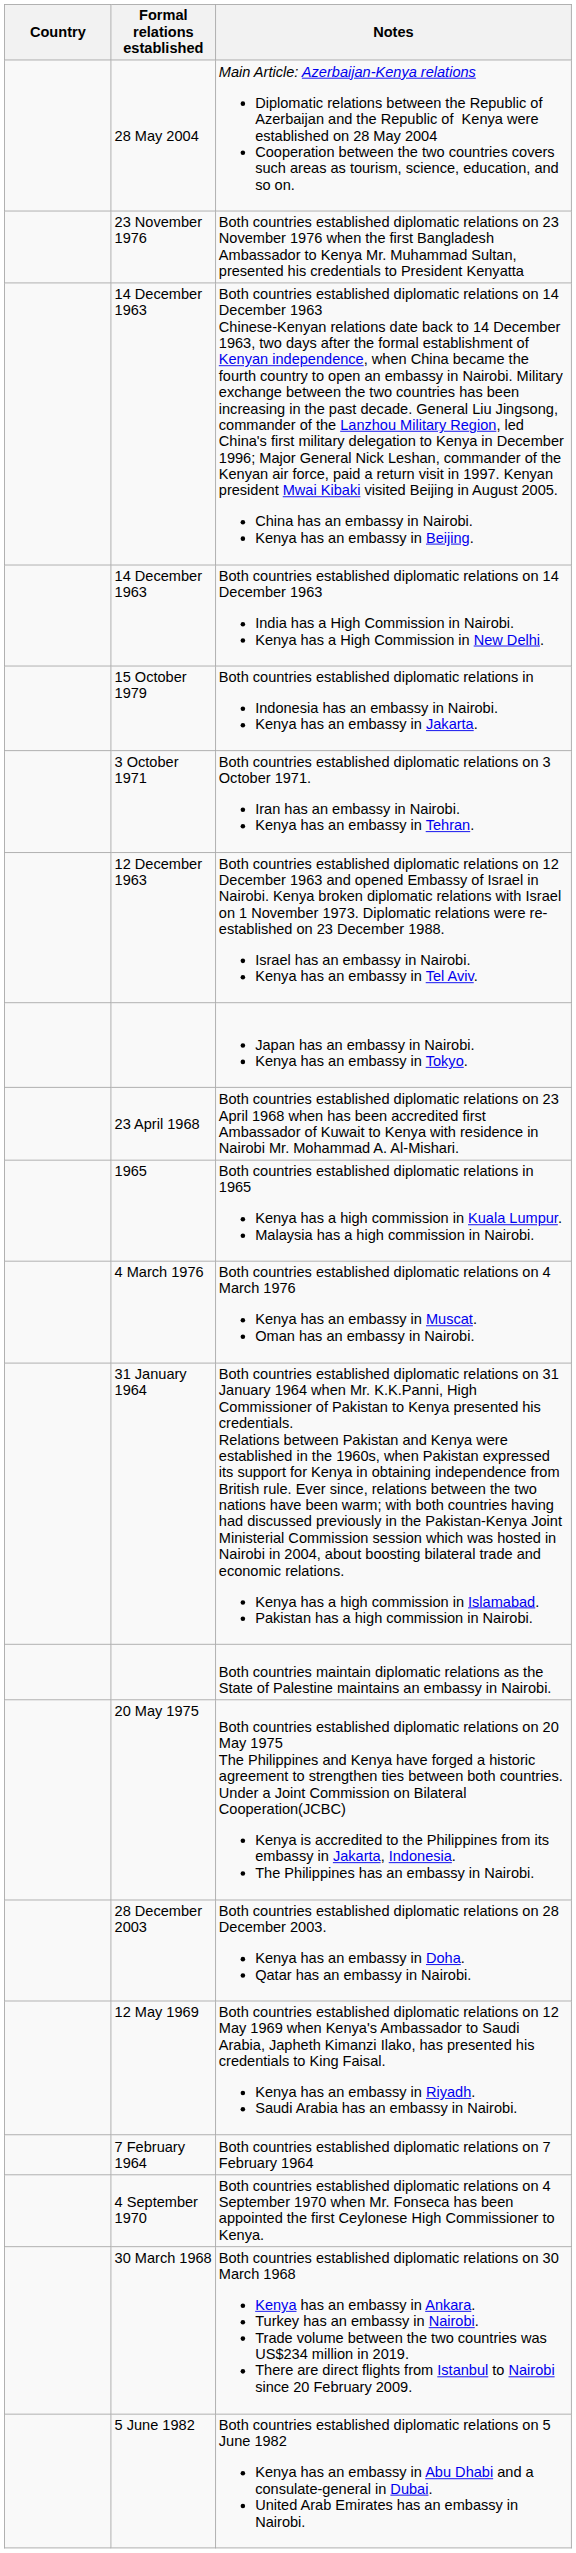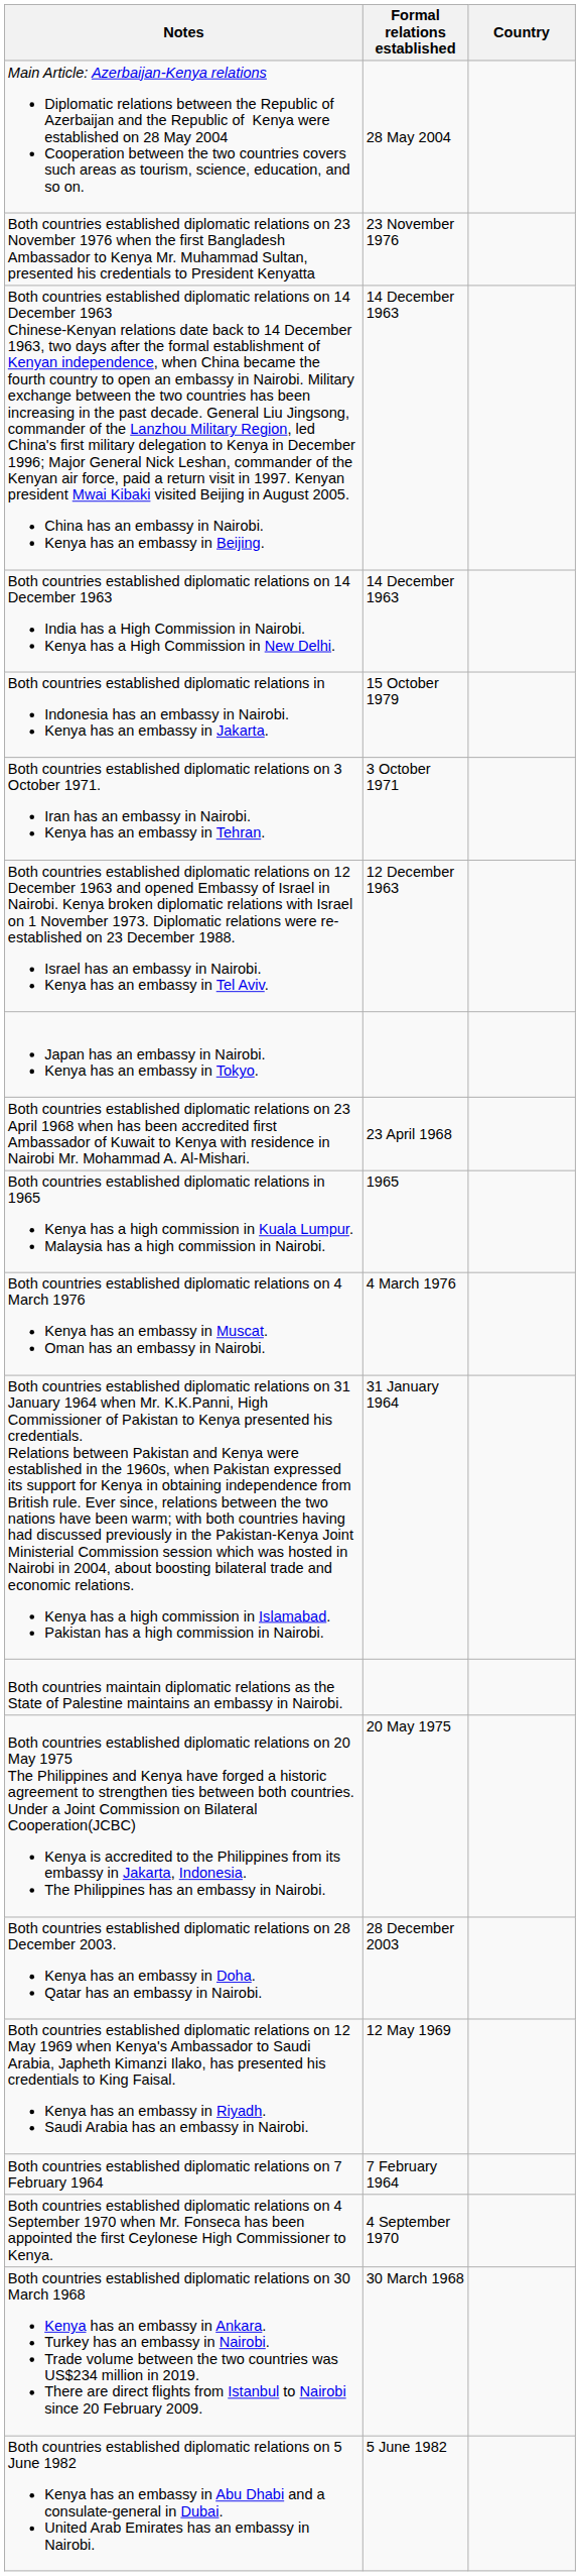 <table class="wikitable sortable" style="width:100%; margin:auto;">
 <tr>
+<th style="width:50%;">Notes</th>
+<th style="width:12%;">Formal relations established</th>
 <th style="width:15%;">Country</th>
-<th style="width:12%;">Formal relations established</th>
-<th style="width:50%;">Notes</th>
 </tr>
 <tr>
+<td><em>Main Article: <a href='#'>Azerbaijan-Kenya relations</a></em><br><ul><li>Diplomatic relations between the Republic of Azerbaijan and the Republic of  Kenya were established on 28 May 2004</li><li>Cooperation between the two countries covers such areas as tourism, science, education, and so on.</li></ul></td>
+<td>28 May 2004</td>
 <td></td>
-<td>28 May 2004</td>
-<td><em>Main Article: <a href='#'>Azerbaijan-Kenya relations</a></em><br><ul><li>Diplomatic relations between the Republic of Azerbaijan and the Republic of  Kenya were established on 28 May 2004</li><li>Cooperation between the two countries covers such areas as tourism, science, education, and so on.</li></ul></td>
 </tr>
 <tr valign="top">
+<td>Both countries established diplomatic relations on 23 November 1976 when the first Bangladesh Ambassador to Kenya Mr. Muhammad Sultan, presented his credentials to President Kenyatta</td>
+<td>23 November 1976</td>
 <td></td>
-<td>23 November 1976</td>
-<td>Both countries established diplomatic relations on 23 November 1976 when the first Bangladesh Ambassador to Kenya Mr. Muhammad Sultan, presented his credentials to President Kenyatta</td>
 </tr>
 <tr valign="top">
+<td>Both countries established diplomatic relations on 14 December 1963<br>Chinese-Kenyan relations date back to 14 December 1963, two days after the formal establishment of <a href='#'>Kenyan independence</a>, when China became the fourth country to open an embassy in Nairobi. Military exchange between the two countries has been increasing in the past decade. General Liu Jingsong, commander of the <a href='#'>Lanzhou Military Region</a>, led China's first military delegation to Kenya in December 1996; Major General Nick Leshan, commander of the Kenyan air force, paid a return visit in 1997. Kenyan president <a href='#'>Mwai Kibaki</a> visited Beijing in August 2005.<ul><li>China has an embassy in Nairobi.</li><li>Kenya has an embassy in <a href='#'>Beijing</a>.</li></ul></td>
+<td>14 December 1963</td>
 <td></td>
-<td>14 December 1963</td>
-<td>Both countries established diplomatic relations on 14 December 1963<br>Chinese-Kenyan relations date back to 14 December 1963, two days after the formal establishment of <a href='#'>Kenyan independence</a>, when China became the fourth country to open an embassy in Nairobi. Military exchange between the two countries has been increasing in the past decade. General Liu Jingsong, commander of the <a href='#'>Lanzhou Military Region</a>, led China's first military delegation to Kenya in December 1996; Major General Nick Leshan, commander of the Kenyan air force, paid a return visit in 1997. Kenyan president <a href='#'>Mwai Kibaki</a> visited Beijing in August 2005.<ul><li>China has an embassy in Nairobi.</li><li>Kenya has an embassy in <a href='#'>Beijing</a>.</li></ul></td>
 </tr>
 <tr valign="top">
+<td>Both countries established diplomatic relations on 14 December 1963<br><ul><li>India has a High Commission in Nairobi.</li><li>Kenya has a High Commission in <a href='#'>New Delhi</a>.</li></ul></td>
+<td>14 December 1963</td>
 <td></td>
-<td>14 December 1963</td>
-<td>Both countries established diplomatic relations on 14 December 1963<br><ul><li>India has a High Commission in Nairobi.</li><li>Kenya has a High Commission in <a href='#'>New Delhi</a>.</li></ul></td>
 </tr>
 <tr valign="top">
+<td>Both countries established diplomatic relations in <br><ul><li>Indonesia has an embassy in Nairobi.</li><li>Kenya has an embassy in <a href='#'>Jakarta</a>.</li></ul></td>
+<td>15 October 1979</td>
 <td></td>
-<td>15 October 1979</td>
-<td>Both countries established diplomatic relations in <br><ul><li>Indonesia has an embassy in Nairobi.</li><li>Kenya has an embassy in <a href='#'>Jakarta</a>.</li></ul></td>
 </tr>
 <tr valign="top">
+<td>Both countries established diplomatic relations on 3 October 1971.<br><ul><li>Iran has an embassy in Nairobi.</li><li>Kenya has an embassy in <a href='#'>Tehran</a>.</li></ul></td>
+<td>3 October 1971</td>
 <td></td>
-<td>3 October 1971</td>
-<td>Both countries established diplomatic relations on 3 October 1971.<br><ul><li>Iran has an embassy in Nairobi.</li><li>Kenya has an embassy in <a href='#'>Tehran</a>.</li></ul></td>
 </tr>
 <tr valign="top">
+<td>Both countries established diplomatic relations on 12 December 1963 and opened Embassy of Israel in Nairobi. Kenya broken diplomatic relations with Israel on 1 November 1973. Diplomatic relations were re-established on 23 December 1988.<br><ul><li>Israel has an embassy in Nairobi.</li><li>Kenya has an embassy in <a href='#'>Tel Aviv</a>.</li></ul></td>
+<td>12 December 1963</td>
 <td></td>
-<td>12 December 1963</td>
-<td>Both countries established diplomatic relations on 12 December 1963 and opened Embassy of Israel in Nairobi. Kenya broken diplomatic relations with Israel on 1 November 1973. Diplomatic relations were re-established on 23 December 1988.<br><ul><li>Israel has an embassy in Nairobi.</li><li>Kenya has an embassy in <a href='#'>Tel Aviv</a>.</li></ul></td>
 </tr>
 <tr valign="top">
+<td><br><ul><li>Japan has an embassy in Nairobi.</li><li>Kenya has an embassy in <a href='#'>Tokyo</a>.</li></ul></td>
 <td></td>
 <td></td>
-<td><br><ul><li>Japan has an embassy in Nairobi.</li><li>Kenya has an embassy in <a href='#'>Tokyo</a>.</li></ul></td>
 </tr>
 <tr>
+<td>Both countries established diplomatic relations on 23 April 1968 when has been accredited first Ambassador of Kuwait to Kenya with residence in Nairobi Mr. Mohammad A. Al-Mishari.</td>
+<td>23 April 1968</td>
 <td></td>
-<td>23 April 1968</td>
-<td>Both countries established diplomatic relations on 23 April 1968 when has been accredited first Ambassador of Kuwait to Kenya with residence in Nairobi Mr. Mohammad A. Al-Mishari.</td>
 </tr>
 <tr valign="top">
+<td>Both countries established diplomatic relations in 1965<br><ul><li>Kenya has a high commission in <a href='#'>Kuala Lumpur</a>.</li><li>Malaysia has a high commission in Nairobi.</li></ul></td>
+<td>1965</td>
 <td></td>
-<td>1965</td>
-<td>Both countries established diplomatic relations in 1965<br><ul><li>Kenya has a high commission in <a href='#'>Kuala Lumpur</a>.</li><li>Malaysia has a high commission in Nairobi.</li></ul></td>
 </tr>
 <tr valign="top">
+<td>Both countries established diplomatic relations on 4 March 1976<br><ul><li>Kenya has an embassy in <a href='#'>Muscat</a>.</li><li>Oman has an embassy in Nairobi.</li></ul></td>
+<td>4 March 1976</td>
 <td></td>
-<td>4 March 1976</td>
-<td>Both countries established diplomatic relations on 4 March 1976<br><ul><li>Kenya has an embassy in <a href='#'>Muscat</a>.</li><li>Oman has an embassy in Nairobi.</li></ul></td>
 </tr>
 <tr valign="top">
+<td>Both countries established diplomatic relations on 31 January 1964 when Mr. K.K.Panni, High Commissioner of Pakistan to Kenya presented his credentials.<br>Relations between Pakistan and Kenya were established in the 1960s, when Pakistan expressed its support for Kenya in obtaining independence from British rule. Ever since, relations between the two nations have been warm; with both countries having had discussed previously in the Pakistan-Kenya Joint Ministerial Commission session which was hosted in Nairobi in 2004, about boosting bilateral trade and economic relations.<ul><li>Kenya has a high commission in <a href='#'>Islamabad</a>.</li><li>Pakistan has a high commission in Nairobi.</li></ul></td>
+<td>31 January 1964</td>
 <td></td>
-<td>31 January 1964</td>
-<td>Both countries established diplomatic relations on 31 January 1964 when Mr. K.K.Panni, High Commissioner of Pakistan to Kenya presented his credentials.<br>Relations between Pakistan and Kenya were established in the 1960s, when Pakistan expressed its support for Kenya in obtaining independence from British rule. Ever since, relations between the two nations have been warm; with both countries having had discussed previously in the Pakistan-Kenya Joint Ministerial Commission session which was hosted in Nairobi in 2004, about boosting bilateral trade and economic relations.<ul><li>Kenya has a high commission in <a href='#'>Islamabad</a>.</li><li>Pakistan has a high commission in Nairobi.</li></ul></td>
 </tr>
 <tr valign="top">
+<td><br>Both countries maintain diplomatic relations as the State of Palestine maintains an embassy in Nairobi.</td>
 <td></td>
 <td></td>
-<td><br>Both countries maintain diplomatic relations as the State of Palestine maintains an embassy in Nairobi.</td>
 </tr>
 <tr valign="top">
+<td><br>Both countries established diplomatic relations on 20 May 1975<br>The Philippines and Kenya have forged a historic agreement to strengthen ties between both countries. Under a Joint Commission on Bilateral Cooperation(JCBC)<ul><li>Kenya is accredited to the Philippines from its embassy in <a href='#'>Jakarta</a>, <a href='#'>Indonesia</a>.</li><li>The Philippines has an embassy in Nairobi.</li></ul></td>
+<td>20 May 1975</td>
 <td></td>
-<td>20 May 1975</td>
-<td><br>Both countries established diplomatic relations on 20 May 1975<br>The Philippines and Kenya have forged a historic agreement to strengthen ties between both countries. Under a Joint Commission on Bilateral Cooperation(JCBC)<ul><li>Kenya is accredited to the Philippines from its embassy in <a href='#'>Jakarta</a>, <a href='#'>Indonesia</a>.</li><li>The Philippines has an embassy in Nairobi.</li></ul></td>
 </tr>
 <tr valign="top">
+<td>Both countries established diplomatic relations on 28 December 2003.<br><ul><li>Kenya has an embassy in <a href='#'>Doha</a>.</li><li>Qatar has an embassy in Nairobi.</li></ul></td>
+<td>28 December 2003</td>
 <td></td>
-<td>28 December 2003</td>
-<td>Both countries established diplomatic relations on 28 December 2003.<br><ul><li>Kenya has an embassy in <a href='#'>Doha</a>.</li><li>Qatar has an embassy in Nairobi.</li></ul></td>
 </tr>
 <tr valign="top">
+<td>Both countries established diplomatic relations on 12 May 1969 when Kenya's Ambassador to Saudi Arabia, Japheth Kimanzi Ilako, has presented his credentials to King Faisal.<br><ul><li>Kenya has an embassy in <a href='#'>Riyadh</a>.</li><li>Saudi Arabia has an embassy in Nairobi.</li></ul></td>
+<td>12 May 1969</td>
 <td></td>
-<td>12 May 1969</td>
-<td>Both countries established diplomatic relations on 12 May 1969 when Kenya's Ambassador to Saudi Arabia, Japheth Kimanzi Ilako, has presented his credentials to King Faisal.<br><ul><li>Kenya has an embassy in <a href='#'>Riyadh</a>.</li><li>Saudi Arabia has an embassy in Nairobi.</li></ul></td>
 </tr>
 <tr valign="top">
+<td>Both countries established diplomatic relations on 7 February 1964</td>
+<td>7 February 1964</td>
 <td></td>
-<td>7 February 1964</td>
-<td>Both countries established diplomatic relations on 7 February 1964</td>
 </tr>
 <tr>
+<td>Both countries established diplomatic relations on 4 September 1970 when Mr. Fonseca has been appointed the first Ceylonese High Commissioner to Kenya.</td>
+<td>4 September 1970</td>
 <td></td>
-<td>4 September 1970</td>
-<td>Both countries established diplomatic relations on 4 September 1970 when Mr. Fonseca has been appointed the first Ceylonese High Commissioner to Kenya.</td>
 </tr>
 <tr valign="top">
+<td>Both countries established diplomatic relations on 30 March 1968<br><ul><li><a href='#'>Kenya</a> has an embassy in <a href='#'>Ankara</a>.</li><li>Turkey has an embassy in <a href='#'>Nairobi</a>.</li><li>Trade volume between the two countries was US$234 million in 2019.</li><li>There are direct flights from <a href='#'>Istanbul</a> to <a href='#'>Nairobi</a> since 20 February 2009.</li></ul></td>
+<td>30 March 1968</td>
 <td></td>
-<td>30 March 1968</td>
-<td>Both countries established diplomatic relations on 30 March 1968<br><ul><li><a href='#'>Kenya</a> has an embassy in <a href='#'>Ankara</a>.</li><li>Turkey has an embassy in <a href='#'>Nairobi</a>.</li><li>Trade volume between the two countries was US$234 million in 2019.</li><li>There are direct flights from <a href='#'>Istanbul</a> to <a href='#'>Nairobi</a> since 20 February 2009.</li></ul></td>
 </tr>
 <tr valign="top">
+<td>Both countries established diplomatic relations on 5 June 1982<br><ul><li>Kenya has an embassy in <a href='#'>Abu Dhabi</a> and a consulate-general in <a href='#'>Dubai</a>.</li><li>United Arab Emirates has an embassy in Nairobi.</li></ul></td>
+<td>5 June 1982</td>
 <td></td>
-<td>5 June 1982</td>
-<td>Both countries established diplomatic relations on 5 June 1982<br><ul><li>Kenya has an embassy in <a href='#'>Abu Dhabi</a> and a consulate-general in <a href='#'>Dubai</a>.</li><li>United Arab Emirates has an embassy in Nairobi.</li></ul></td>
 </tr>
 </table>
